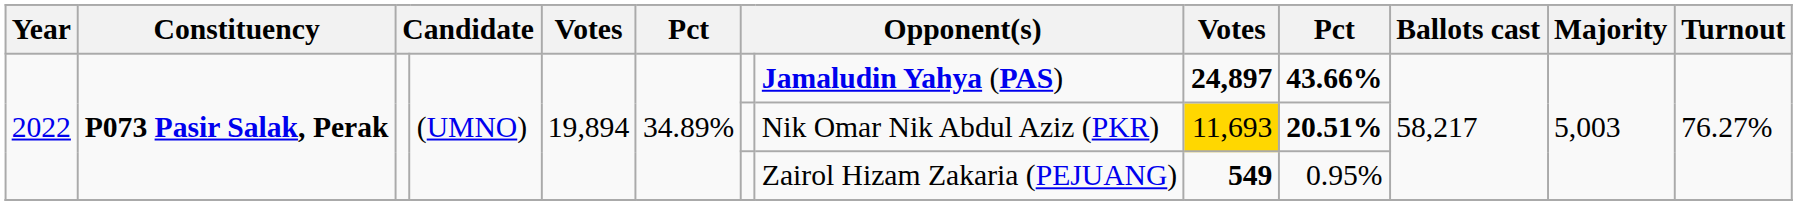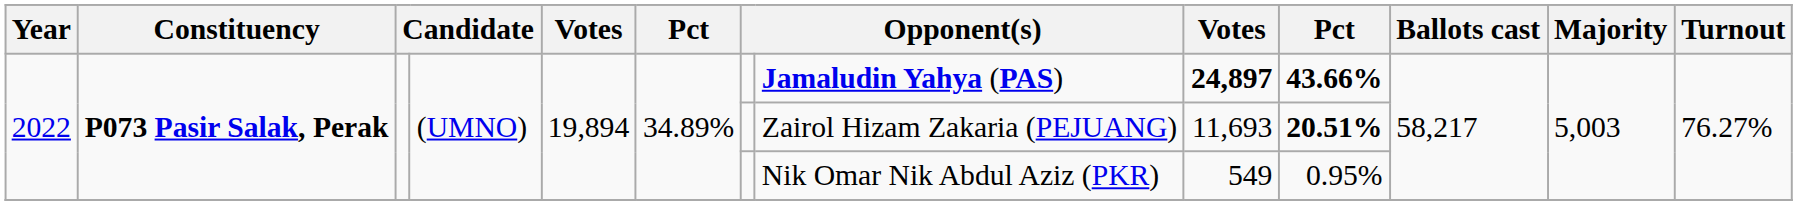 <table class="wikitable" style="margin:0.5em ; font-size:95%">
 <tr>
 <th>Year</th>
 <th>Constituency</th>
 <th colspan=2>Candidate</th>
 <th>Votes</th>
 <th>Pct</th>
 <th colspan=2>Opponent(s)</th>
 <th>Votes</th>
 <th>Pct</th>
 <th>Ballots cast</th>
 <th>Majority</th>
 <th>Turnout</th>
 </tr>
 <tr>
 <td rowspan=3><a href='#'>2022</a></td>
 <td rowspan=3><strong>P073 <a href='#'>Pasir Salak</a>, Perak</strong></td>
 <td rowspan=3 ></td>
 <td rowspan=3> (<a href='#'>UMNO</a>)</td>
 <td rowspan=3 align="right">19,894</td>
 <td rowspan=3>34.89%</td>
 <td bgcolor=></td>
 <td><strong><a href='#'>Jamaludin Yahya</a></strong> (<a href='#'><strong>PAS</strong></a>)</td>
 <td align="right"><strong>24,897</strong></td>
 <td><strong>43.66%</strong></td>
 <td rowspan="3">58,217</td>
 <td rowspan="3">5,003</td>
 <td rowspan="3">76.27%</td>
 </tr>
 <tr>
 <td></td>
-<td>Nik Omar Nik Abdul Aziz (<a href='#'>PKR</a>)</td>
-<td align="right" style="background: gold;">11,693</td>
+<td>Zairol Hizam Zakaria (<a href='#'>PEJUANG</a>)</td>
+<td align="right">11,693</td>
 <td><strong>20.51%</strong></td>
 </tr>
 <tr>
 <td bgcolor=></td>
-<td>Zairol Hizam Zakaria (<a href='#'>PEJUANG</a>)</td>
-<td align="right"><strong>549</strong></td>
+<td>Nik Omar Nik Abdul Aziz (<a href='#'>PKR</a>)</td>
+<td align="right">549</td>
 <td align="right">0.95%</td>
 </tr>
 <tr>
 </tr>
 </table>
